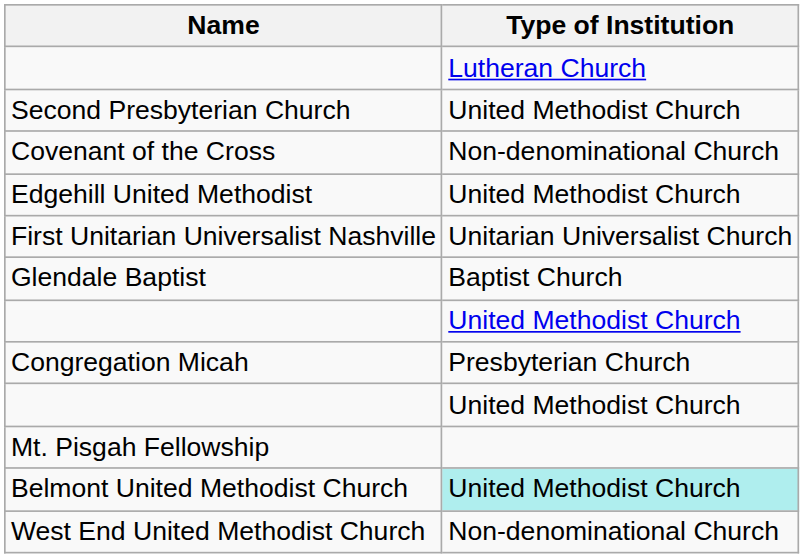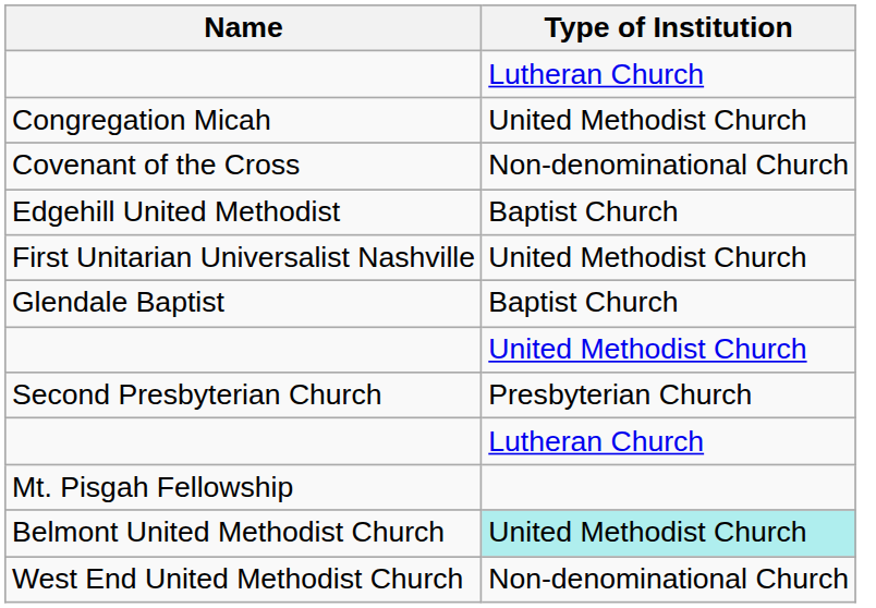 <table class="wikitable">
 <tr>
 <th>Name</th>
 <th>Type of Institution</th>
 </tr>
 <tr>
 <td></td>
 <td><a href='#'>Lutheran Church</a></td>
 </tr>
 <tr>
-<td>Second Presbyterian Church</td>
+<td>Congregation Micah</td>
 <td>United Methodist Church</td>
 </tr>
 <tr>
 <td>Covenant of the Cross</td>
 <td>Non-denominational Church</td>
 </tr>
 <tr>
 <td>Edgehill United Methodist</td>
-<td>United Methodist Church</td>
+<td>Baptist Church</td>
 </tr>
 <tr>
 <td>First Unitarian Universalist Nashville</td>
-<td>Unitarian Universalist Church</td>
+<td>United Methodist Church</td>
 </tr>
 <tr>
 <td>Glendale Baptist</td>
 <td>Baptist Church</td>
 </tr>
 <tr>
 <td></td>
 <td><a href='#'>United Methodist Church</a></td>
 </tr>
 <tr>
-<td>Congregation Micah</td>
+<td>Second Presbyterian Church</td>
 <td>Presbyterian Church</td>
 </tr>
 <tr>
 <td></td>
-<td>United Methodist Church</td>
+<td><a href='#'>Lutheran Church</a></td>
 </tr>
 <tr>
 <td>Mt. Pisgah Fellowship</td>
 </tr>
 <tr>
 <td>Belmont United Methodist Church</td>
 <td style="background: paleturquoise;">United Methodist Church</td>
 </tr>
 <tr>
 <td>West End United Methodist Church</td>
 <td>Non-denominational Church</td>
 </tr>
 </table>
